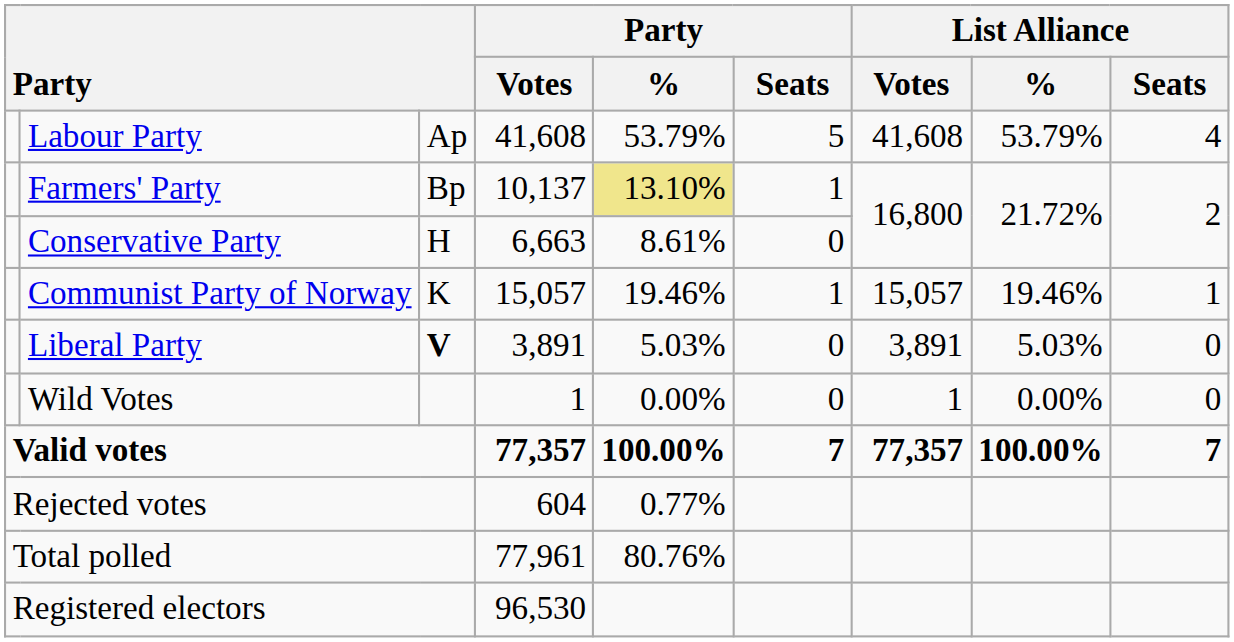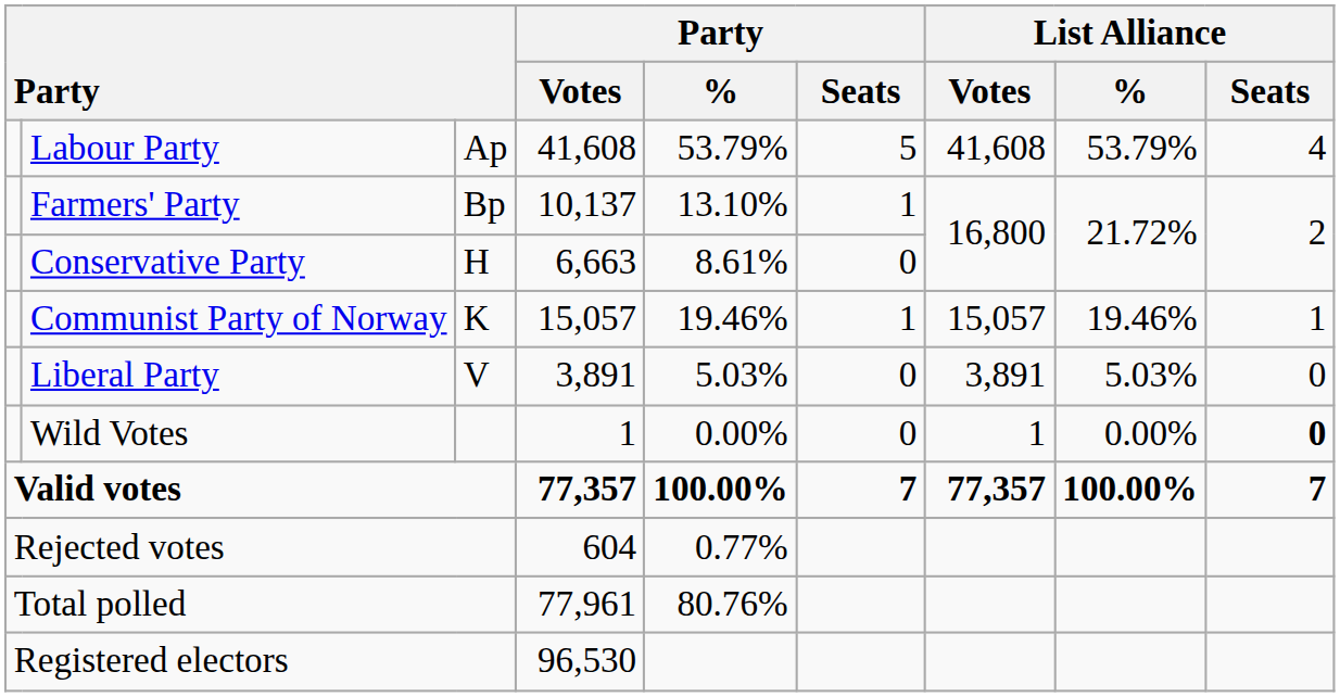 <table class="wikitable" border="1" style="text-align:right;">
 <tr>
 <th style="text-align:left;" valign=bottom rowspan=2 colspan=3>Party</th>
 <th colspan=3>Party</th>
 <th colspan=3>List Alliance</th>
 </tr>
 <tr>
 <th align=center valign=bottom width="50">Votes</th>
 <th align=center valign=bottom width="50">%</th>
 <th align=center valign=bottom width="50">Seats</th>
 <th align=center valign=bottom width="50">Votes</th>
 <th align=center valign=bottom width="50">%</th>
 <th align=center valign=bottom width="50">Seats</th>
 </tr>
 <tr>
 <td style="color:inherit;background:"></td>
 <td align=left><a href='#'>Labour Party</a></td>
 <td align=left>Ap</td>
 <td>41,608</td>
 <td>53.79%</td>
 <td>5</td>
 <td>41,608</td>
 <td>53.79%</td>
 <td>4</td>
 </tr>
 <tr>
 <td style="color:inherit;background:"></td>
 <td align=left><a href='#'>Farmers' Party</a></td>
 <td align=left>Bp</td>
 <td>10,137</td>
-<td style="background: khaki;">13.10%</td>
+<td>13.10%</td>
 <td>1</td>
 <td rowspan=2>16,800</td>
 <td rowspan=2>21.72%</td>
 <td rowspan=2>2</td>
 </tr>
 <tr>
 <td style="color:inherit;background:"></td>
 <td align=left><a href='#'>Conservative Party</a></td>
 <td align=left>H</td>
 <td>6,663</td>
 <td>8.61%</td>
 <td>0</td>
 </tr>
 <tr>
 <td style="color:inherit;background:"></td>
 <td align=left><a href='#'>Communist Party of Norway</a></td>
 <td align=left>K</td>
 <td>15,057</td>
 <td>19.46%</td>
 <td>1</td>
 <td>15,057</td>
 <td>19.46%</td>
 <td>1</td>
 </tr>
 <tr>
 <td style="color:inherit;background:"></td>
 <td align=left><a href='#'>Liberal Party</a></td>
-<td align=left><strong>V</strong></td>
+<td align=left>V</td>
 <td>3,891</td>
 <td>5.03%</td>
 <td>0</td>
 <td>3,891</td>
 <td>5.03%</td>
 <td>0</td>
 </tr>
 <tr>
 <td></td>
 <td align=left>Wild Votes</td>
 <td align=left></td>
 <td>1</td>
 <td>0.00%</td>
 <td>0</td>
 <td>1</td>
 <td>0.00%</td>
-<td>0</td>
+<td><strong>0</strong></td>
 </tr>
 <tr style="font-weight:bold">
 <td align=left colspan=3>Valid votes</td>
 <td>77,357</td>
 <td>100.00%</td>
 <td>7</td>
 <td>77,357</td>
 <td>100.00%</td>
 <td>7</td>
 </tr>
 <tr>
 <td align=left colspan=3>Rejected votes</td>
 <td>604</td>
 <td>0.77%</td>
 <td></td>
 <td></td>
 <td></td>
 <td></td>
 </tr>
 <tr>
 <td align=left colspan=3>Total polled</td>
 <td>77,961</td>
 <td>80.76%</td>
 <td></td>
 <td></td>
 <td></td>
 <td></td>
 </tr>
 <tr>
 <td align=left colspan=3>Registered electors</td>
 <td>96,530</td>
 <td></td>
 <td></td>
 <td></td>
 <td></td>
 <td></td>
 </tr>
 </table>
